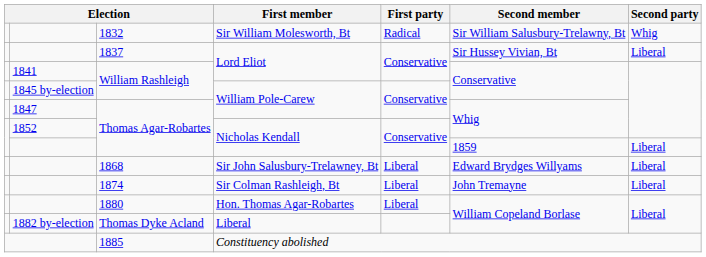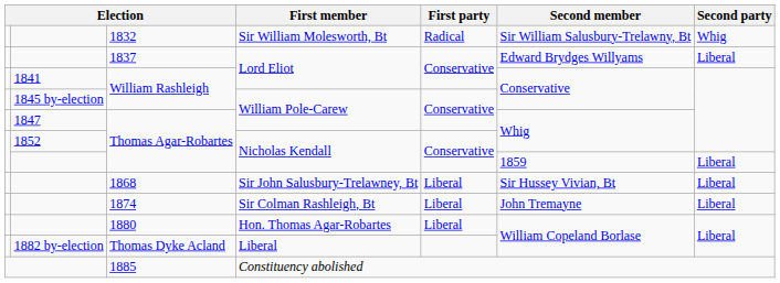 <table class="wikitable">
 <tr>
 <th colspan="3">Election</th>
 <th>First member</th>
 <th>First party</th>
 <th>Second member</th>
 <th>Second party</th>
 </tr>
 <tr>
 <td style="color:inherit;background-color: "></td>
 <td style="color:inherit;background-color: "></td>
 <td><a href='#'>1832</a></td>
 <td><a href='#'>Sir William Molesworth, Bt</a></td>
 <td><a href='#'>Radical</a></td>
 <td><a href='#'>Sir William Salusbury-Trelawny, Bt</a></td>
 <td><a href='#'>Whig</a></td>
 </tr>
 <tr>
 <td style="color:inherit;background-color: "></td>
 <td style="color:inherit;background-color: "></td>
 <td><a href='#'>1837</a></td>
 <td rowspan="2"><a href='#'>Lord Eliot</a></td>
 <td rowspan="2"><a href='#'>Conservative</a></td>
-<td><a href='#'>Sir Hussey Vivian, Bt</a></td>
+<td><a href='#'>Edward Brydges Willyams</a></td>
 <td><a href='#'>Liberal</a></td>
 </tr>
 <tr>
 <td style="color:inherit;background-color: "></td>
 <td><a href='#'>1841</a></td>
 <td rowspan="2"><a href='#'>William Rashleigh</a></td>
 <td rowspan="2"><a href='#'>Conservative</a></td>
 </tr>
 <tr>
 <td style="color:inherit;background-color: "></td>
 <td><a href='#'>1845 by-election</a></td>
 <td rowspan="2"><a href='#'>William Pole-Carew</a></td>
 <td rowspan="2"><a href='#'>Conservative</a></td>
 </tr>
 <tr>
 <td style="color:inherit;background-color: "></td>
 <td><a href='#'>1847</a></td>
 <td rowspan="3"><a href='#'>Thomas Agar-Robartes</a></td>
 <td rowspan="2"><a href='#'>Whig</a></td>
 </tr>
 <tr>
 <td rowspan="2" style="color:inherit;background-color: "></td>
 <td><a href='#'>1852</a></td>
 <td rowspan="2"><a href='#'>Nicholas Kendall</a></td>
 <td rowspan="2"><a href='#'>Conservative</a></td>
 </tr>
 <tr>
 <td style="color:inherit;background-color: "></td>
 <td><a href='#'>1859</a></td>
 <td><a href='#'>Liberal</a></td>
 </tr>
 <tr>
 <td style="color:inherit;background-color: "></td>
 <td style="color:inherit;background-color: "></td>
 <td><a href='#'>1868</a></td>
 <td><a href='#'>Sir John Salusbury-Trelawney, Bt</a></td>
 <td><a href='#'>Liberal</a></td>
-<td><a href='#'>Edward Brydges Willyams</a></td>
+<td><a href='#'>Sir Hussey Vivian, Bt</a></td>
 <td><a href='#'>Liberal</a></td>
 </tr>
 <tr>
 <td style="color:inherit;background-color: "></td>
 <td style="color:inherit;background-color: "></td>
 <td><a href='#'>1874</a></td>
 <td><a href='#'>Sir Colman Rashleigh, Bt</a></td>
 <td><a href='#'>Liberal</a></td>
 <td><a href='#'>John Tremayne</a></td>
 <td><a href='#'>Liberal</a></td>
 </tr>
 <tr>
 <td style="color:inherit;background-color: "></td>
 <td style="color:inherit;background-color: "></td>
 <td><a href='#'>1880</a></td>
 <td><a href='#'>Hon. Thomas Agar-Robartes</a></td>
 <td><a href='#'>Liberal</a></td>
 <td rowspan="2"><a href='#'>William Copeland Borlase</a></td>
 <td rowspan="2"><a href='#'>Liberal</a></td>
 </tr>
 <tr>
 <td style="color:inherit;background-color: "></td>
 <td><a href='#'>1882 by-election</a></td>
 <td><a href='#'>Thomas Dyke Acland</a></td>
 <td><a href='#'>Liberal</a></td>
 </tr>
 <tr>
 <td colspan="2"></td>
 <td><a href='#'>1885</a></td>
 <td colspan="4"><em>Constituency abolished</em></td>
 </tr>
 </table>
